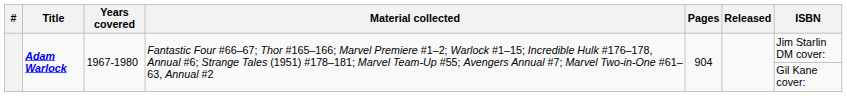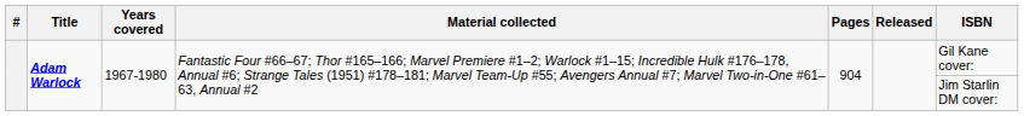 <table class="wikitable sortable" width=99%>
 <tr>
 <th class="unsortable" width=20px>#</th>
 <th>Title</th>
 <th>Years covered</th>
 <th class="unsortable">Material collected</th>
 <th>Pages</th>
 <th>Released</th>
 <th class="unsortable">ISBN</th>
 </tr>
 <tr>
 <th style="background-color: light grey;" rowspan=2></th>
 <td rowspan=2><strong><em><a href='#'>Adam Warlock</a></em></strong></td>
 <td rowspan=2>1967-1980</td>
 <td rowspan=2><em>Fantastic Four</em> #66–67; <em>Thor</em> #165–166; <em>Marvel Premiere</em> #1–2; <em>Warlock</em> #1–15; <em>Incredible Hulk</em> #176–178, <em>Annual</em> #6; <em>Strange Tales</em> (1951) #178–181; <em>Marvel Team-Up</em> #55; <em>Avengers Annual</em> #7; <em>Marvel Two-in-One</em> #61–63, <em>Annual</em> #2</td>
 <td style="text-align: center;" rowspan=2>904</td>
 <td rowspan=2></td>
+<td>Gil Kane cover: </td>
+</tr>
+<tr>
 <td>Jim Starlin DM cover: </td>
 </tr>
-<tr>
-<td>Gil Kane cover: </td>
-</tr>
 </table>
